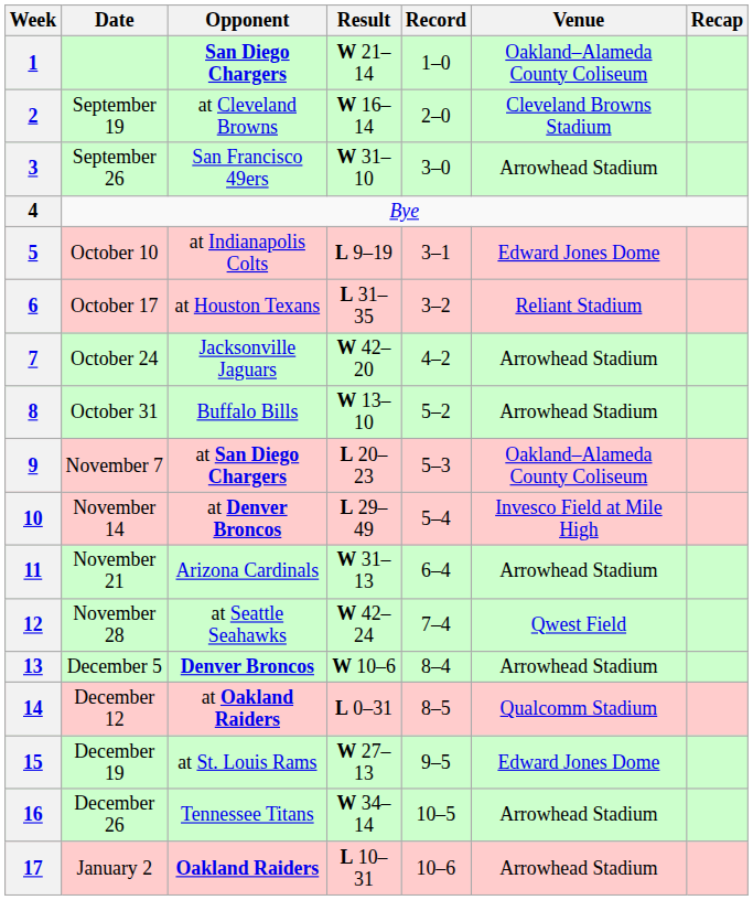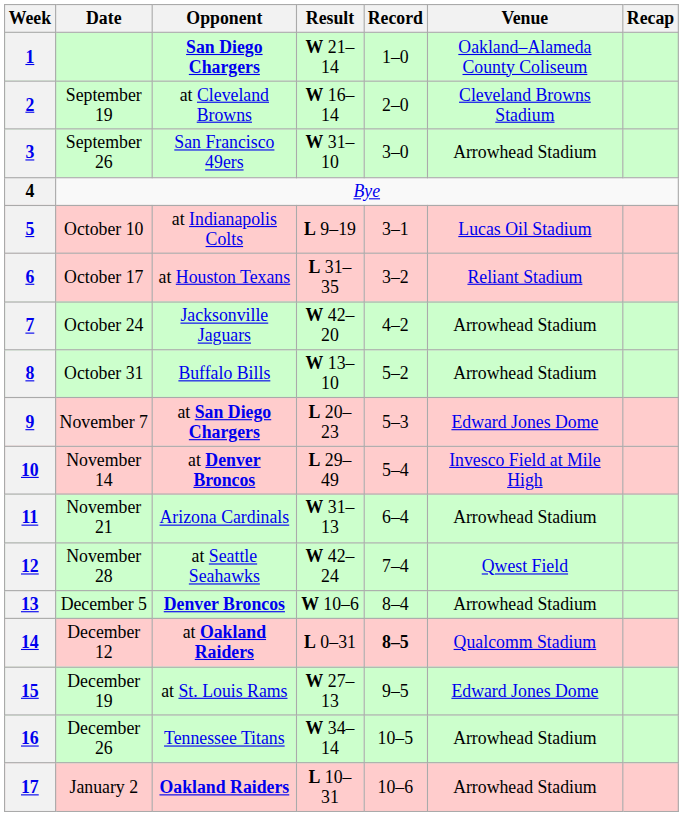 <table class="wikitable" style="text-align:center">
 <tr>
 <th>Week</th>
 <th>Date</th>
 <th>Opponent</th>
 <th>Result</th>
 <th>Record</th>
 <th>Venue</th>
 <th>Recap</th>
 </tr>
 <tr style="background:#cfc">
 <th><a href='#'>1</a></th>
 <td></td>
 <td><strong><a href='#'>San Diego Chargers</a></strong></td>
 <td><strong>W</strong> 21–14</td>
 <td>1–0</td>
 <td><a href='#'>Oakland–Alameda County Coliseum</a></td>
 <td></td>
 </tr>
 <tr style="background:#cfc">
 <th><a href='#'>2</a></th>
 <td>September 19</td>
 <td>at <a href='#'>Cleveland Browns</a></td>
 <td><strong>W</strong> 16–14</td>
 <td>2–0</td>
 <td><a href='#'>Cleveland Browns Stadium</a></td>
 <td></td>
 </tr>
 <tr style="background:#cfc">
 <th><a href='#'>3</a></th>
 <td>September 26</td>
 <td><a href='#'>San Francisco 49ers</a></td>
 <td><strong>W</strong> 31–10</td>
 <td>3–0</td>
 <td>Arrowhead Stadium</td>
 <td></td>
 </tr>
 <tr style="background:#">
 <th>4</th>
 <td colspan="6"><em><a href='#'>Bye</a></em></td>
 </tr>
 <tr style="background:#fcc">
 <th><a href='#'>5</a></th>
 <td>October 10</td>
 <td>at <a href='#'>Indianapolis Colts</a></td>
 <td><strong>L</strong> 9–19</td>
 <td>3–1</td>
-<td><a href='#'>Edward Jones Dome</a></td>
+<td><a href='#'>Lucas Oil Stadium</a></td>
 <td></td>
 </tr>
 <tr style="background:#fcc">
 <th><a href='#'>6</a></th>
 <td>October 17</td>
 <td>at <a href='#'>Houston Texans</a></td>
 <td><strong>L</strong> 31–35</td>
 <td>3–2</td>
 <td><a href='#'>Reliant Stadium</a></td>
 <td></td>
 </tr>
 <tr style="background:#cfc">
 <th><a href='#'>7</a></th>
 <td>October 24</td>
 <td><a href='#'>Jacksonville Jaguars</a></td>
 <td><strong>W</strong> 42–20</td>
 <td>4–2</td>
 <td>Arrowhead Stadium</td>
 <td></td>
 </tr>
 <tr style="background:#cfc">
 <th><a href='#'>8</a></th>
 <td>October 31</td>
 <td><a href='#'>Buffalo Bills</a></td>
 <td><strong>W</strong> 13–10 </td>
 <td>5–2</td>
 <td>Arrowhead Stadium</td>
 <td></td>
 </tr>
 <tr style="background:#fcc">
 <th><a href='#'>9</a></th>
 <td>November 7</td>
 <td>at <strong><a href='#'>San Diego Chargers</a></strong></td>
 <td><strong>L</strong> 20–23 </td>
 <td>5–3</td>
-<td><a href='#'>Oakland–Alameda County Coliseum</a></td>
+<td><a href='#'>Edward Jones Dome</a></td>
 <td></td>
 </tr>
 <tr style="background:#fcc">
 <th><a href='#'>10</a></th>
 <td>November 14</td>
 <td>at <strong><a href='#'>Denver Broncos</a></strong></td>
 <td><strong>L</strong> 29–49</td>
 <td>5–4</td>
 <td><a href='#'>Invesco Field at Mile High</a></td>
 <td></td>
 </tr>
 <tr style="background:#cfc">
 <th><a href='#'>11</a></th>
 <td>November 21</td>
 <td><a href='#'>Arizona Cardinals</a></td>
 <td><strong>W</strong> 31–13</td>
 <td>6–4</td>
 <td>Arrowhead Stadium</td>
 <td></td>
 </tr>
 <tr style="background:#cfc">
 <th><a href='#'>12</a></th>
 <td>November 28</td>
 <td>at <a href='#'>Seattle Seahawks</a></td>
 <td><strong>W</strong> 42–24</td>
 <td>7–4</td>
 <td><a href='#'>Qwest Field</a></td>
 <td></td>
 </tr>
 <tr style="background:#cfc">
 <th><a href='#'>13</a></th>
 <td>December 5</td>
 <td><strong><a href='#'>Denver Broncos</a></strong></td>
 <td><strong>W</strong> 10–6</td>
 <td>8–4</td>
 <td>Arrowhead Stadium</td>
 <td></td>
 </tr>
 <tr style="background:#fcc">
 <th><a href='#'>14</a></th>
 <td>December 12</td>
 <td>at <strong><a href='#'>Oakland Raiders</a></strong></td>
 <td><strong>L</strong> 0–31</td>
-<td>8–5</td>
+<td><strong>8–5</strong></td>
 <td><a href='#'>Qualcomm Stadium</a></td>
 <td></td>
 </tr>
 <tr style="background:#cfc">
 <th><a href='#'>15</a></th>
 <td>December 19</td>
 <td>at <a href='#'>St. Louis Rams</a></td>
 <td><strong>W</strong> 27–13</td>
 <td>9–5</td>
 <td><a href='#'>Edward Jones Dome</a></td>
 <td></td>
 </tr>
 <tr style="background:#cfc">
 <th><a href='#'>16</a></th>
 <td>December 26</td>
 <td><a href='#'>Tennessee Titans</a></td>
 <td><strong>W</strong> 34–14</td>
 <td>10–5</td>
 <td>Arrowhead Stadium</td>
 <td></td>
 </tr>
 <tr style="background:#fcc">
 <th><a href='#'>17</a></th>
 <td>January 2</td>
 <td><strong><a href='#'>Oakland Raiders</a></strong></td>
 <td><strong>L</strong> 10–31</td>
 <td>10–6</td>
 <td>Arrowhead Stadium</td>
 <td></td>
 </tr>
 </table>
